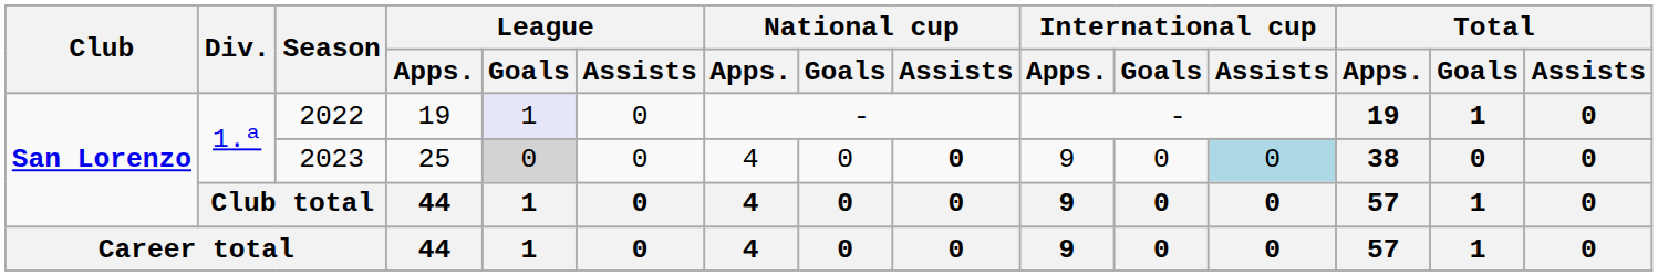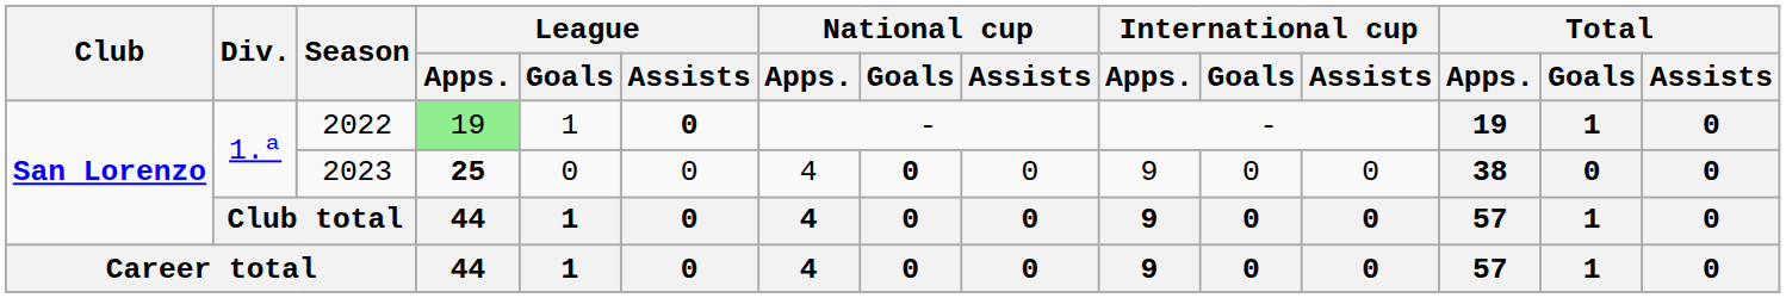 <table class="wikitable center" style="text-align: center">
 <tr>
 <th rowspan="2">Club</th>
 <th rowspan="2">Div.</th>
 <th rowspan="2">Season</th>
 <th colspan="3">League</th>
 <th colspan="3">National cup</th>
 <th colspan="3">International cup</th>
 <th colspan="3">Total</th>
 </tr>
 <tr>
 <th>Apps.</th>
 <th>Goals</th>
 <th>Assists</th>
 <th>Apps.</th>
 <th>Goals</th>
 <th>Assists</th>
 <th>Apps.</th>
 <th>Goals</th>
 <th>Assists</th>
 <th>Apps.</th>
 <th>Goals</th>
 <th>Assists</th>
 </tr>
 <tr>
 <td rowspan="3"><strong><a href='#'>San Lorenzo</a></strong><br><small></small></td>
 <td rowspan="2"><a href='#'>1.ª</a></td>
 <td>2022</td>
-<td>19</td>
-<td style="background: lavender;">1</td>
-<td>0</td>
+<td style="background: lightgreen;">19</td>
+<td>1</td>
+<td><strong>0</strong></td>
 <td colspan="3">-</td>
 <td colspan="3">-</td>
 <th>19</th>
 <th>1</th>
 <th>0</th>
 </tr>
 <tr>
 <td>2023</td>
-<td>25</td>
-<td style="background: lightgrey;">0</td>
+<td><strong>25</strong></td>
+<td>0</td>
 <td>0</td>
 <td>4</td>
+<td><strong>0</strong></td>
 <td>0</td>
-<td><strong>0</strong></td>
 <td>9</td>
 <td>0</td>
-<td style="background: lightblue;">0</td>
+<td>0</td>
 <th>38</th>
 <th>0</th>
 <th>0</th>
 </tr>
 <tr>
 <th colspan="2"><strong>Club total</strong></th>
 <th>44</th>
 <th>1</th>
 <th>0</th>
 <th>4</th>
 <th>0</th>
 <th>0</th>
 <th>9</th>
 <th>0</th>
 <th>0</th>
 <th>57</th>
 <th>1</th>
 <th>0</th>
 </tr>
 <tr>
 <th colspan="3">Career total</th>
 <th>44</th>
 <th>1</th>
 <th>0</th>
 <th>4</th>
 <th>0</th>
 <th>0</th>
 <th>9</th>
 <th>0</th>
 <th>0</th>
 <th>57</th>
 <th>1</th>
 <th>0</th>
 </tr>
 </table>
